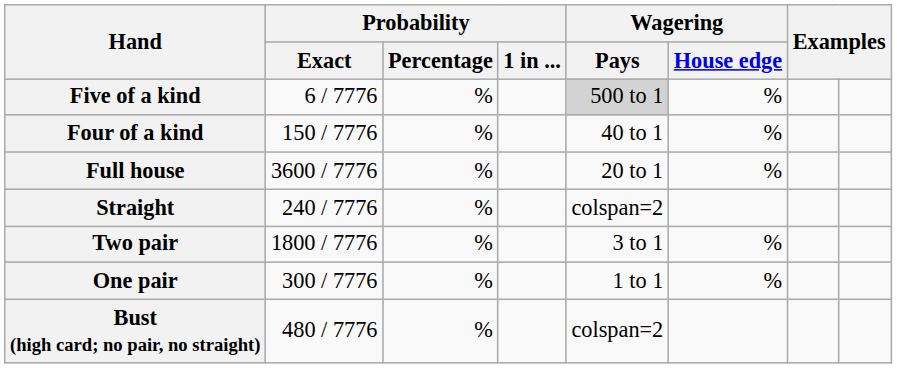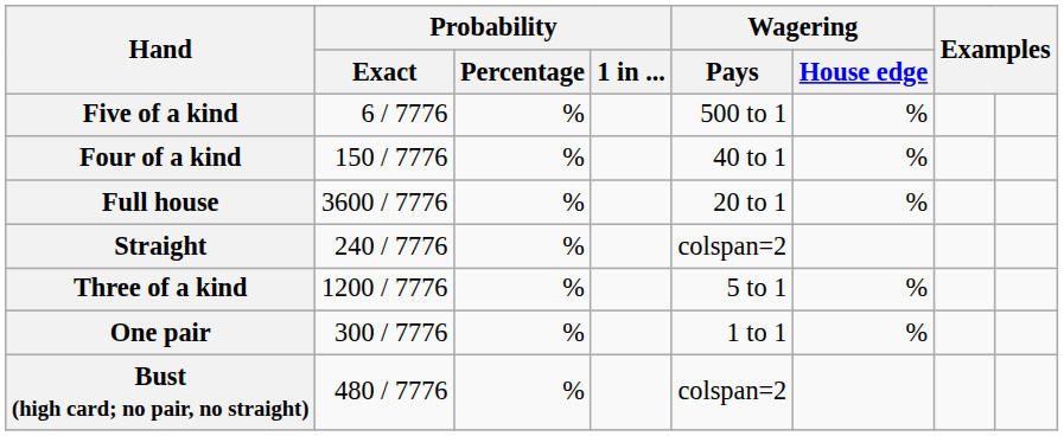 <table class="wikitable" style="align:center;text-align: right;font-size:90%;">
 <tr>
 <th rowspan=2>Hand</th>
 <th colspan=3>Probability</th>
 <th colspan=2>Wagering</th>
 <th colspan=2 rowspan=2>Examples</th>
 </tr>
 <tr>
 <th>Exact</th>
 <th>Percentage</th>
 <th>1 in ...</th>
 <th>Pays</th>
 <th><a href='#'>House edge</a></th>
 </tr>
 <tr>
 <th>Five of a kind</th>
 <td>6 / 7776</td>
 <td>%</td>
 <td></td>
-<td style="background: lightgrey;">500 to 1</td>
+<td>500 to 1</td>
 <td>%</td>
 <td style="text-align:center;"></td>
 <td style="text-align:center;"></td>
 </tr>
 <tr>
 <th>Four of a kind</th>
 <td>150 / 7776</td>
 <td>%</td>
 <td></td>
 <td>40 to 1</td>
 <td>%</td>
 <td style="text-align:center;"></td>
 <td style="text-align:center;"></td>
 </tr>
 <tr>
 <th>Full house</th>
 <td>3600 / 7776</td>
 <td>%</td>
 <td></td>
 <td>20 to 1</td>
 <td>%</td>
 <td style="text-align:center;"></td>
 <td style="text-align:center;"></td>
 </tr>
 <tr>
 <th>Straight</th>
 <td>240 / 7776</td>
 <td>%</td>
 <td></td>
 <td>colspan=2 </td>
 <td style="text-align:center;"></td>
 <td style="text-align:center;"></td>
 </tr>
 <tr>
-<th>Two pair</th>
-<td>1800 / 7776</td>
+<th>Three of a kind</th>
+<td>1200 / 7776</td>
 <td>%</td>
 <td></td>
-<td>3 to 1</td>
+<td>5 to 1</td>
 <td>%</td>
 <td style="text-align:center;"></td>
 <td style="text-align:center;"></td>
 </tr>
 <tr>
 <th>One pair</th>
 <td>300 / 7776</td>
 <td>%</td>
 <td></td>
 <td>1 to 1</td>
 <td>%</td>
 <td style="text-align:center;"></td>
 <td style="text-align:center;"></td>
 </tr>
 <tr>
 <th>Bust<br><small>(high card; no pair, no straight)</small></th>
 <td>480 / 7776</td>
 <td>%</td>
 <td></td>
 <td>colspan=2 </td>
 <td style="text-align:center;"></td>
 <td style="text-align:center;"></td>
 </tr>
 </table>
